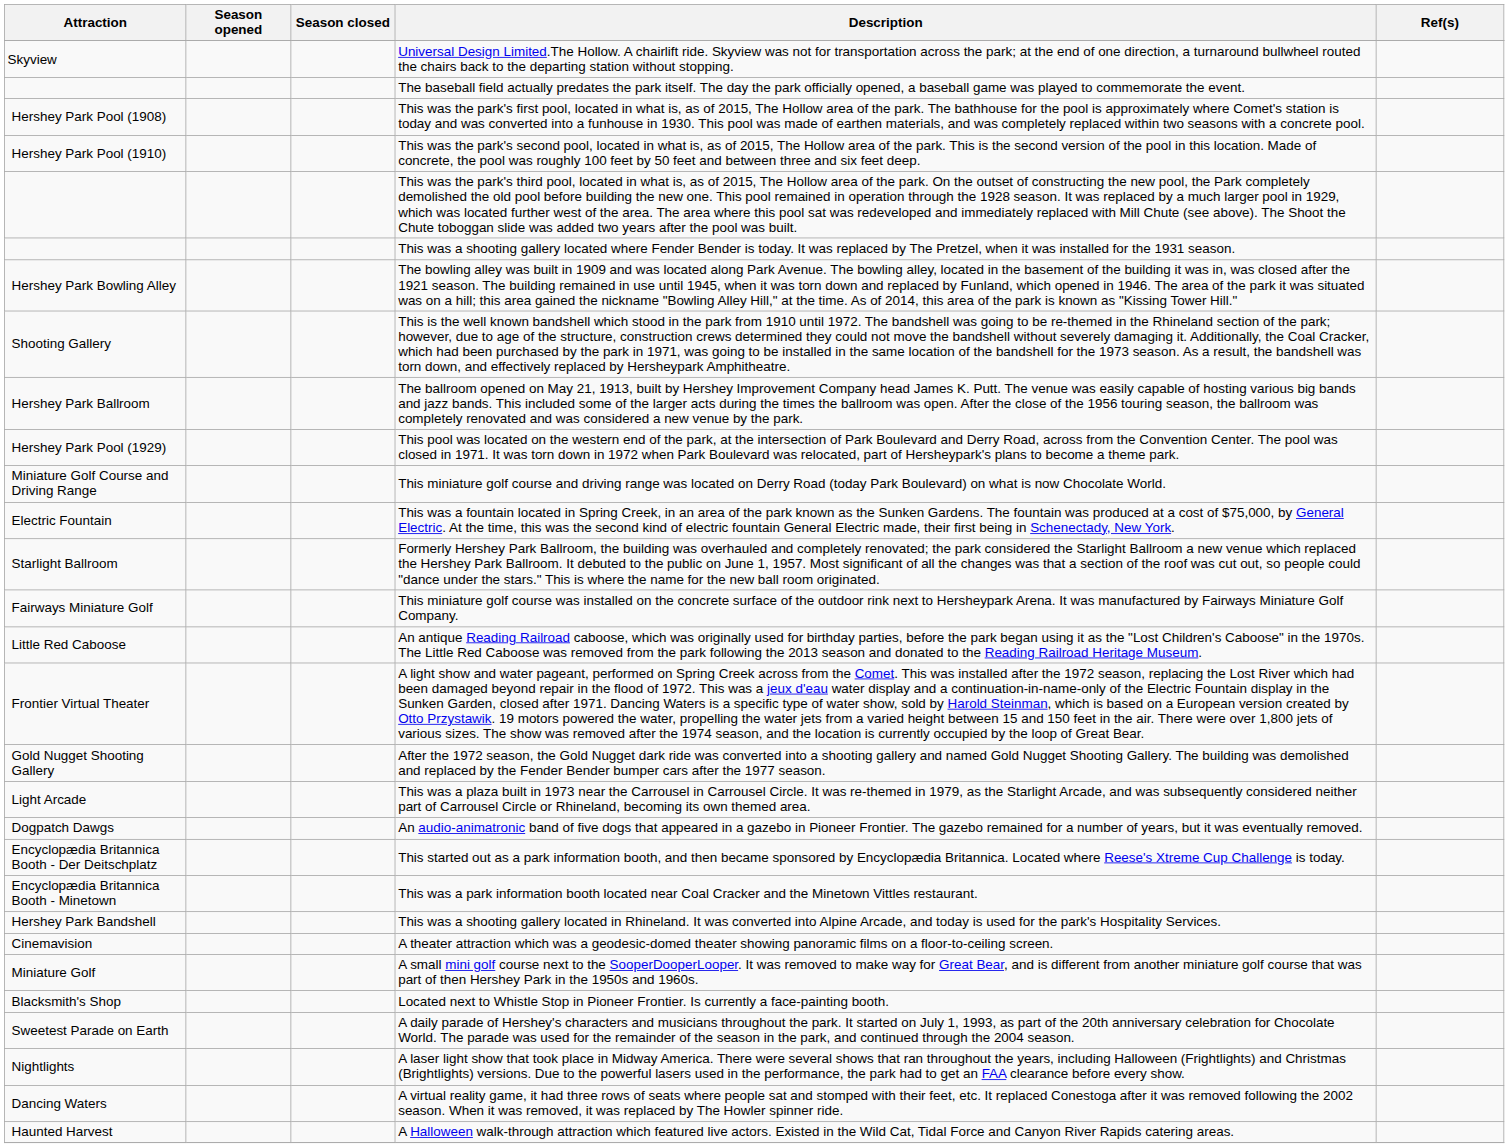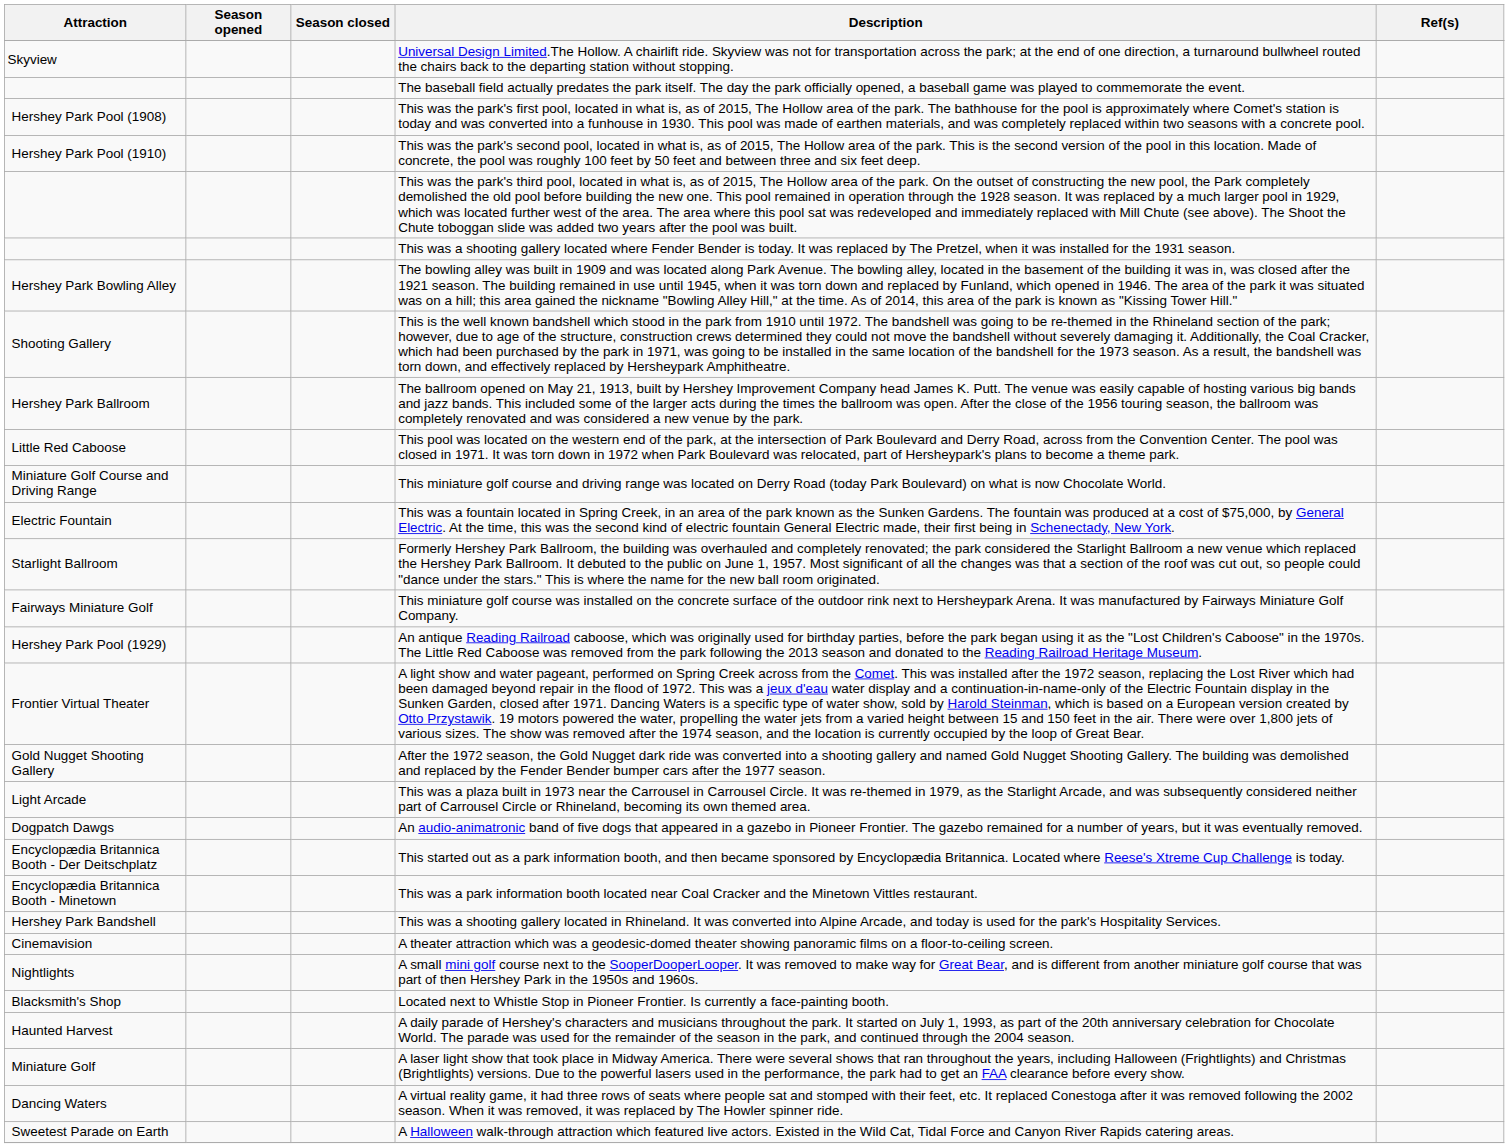 <table class="wikitable sortable" border="1" width=90%>
 <tr>
 <th width=10%>Attraction</th>
 <th width=5.75%>Season opened</th>
 <th width=5.75%>Season closed</th>
 <th width=54% class="unsortable">Description</th>
 <th width=7% class="unsortable">Ref(s)</th>
 </tr>
 <tr>
 </tr>
 <tr>
 <td>Skyview</td>
 <td></td>
 <td></td>
 <td><a href='#'>Universal Design Limited</a>.The Hollow. A chairlift ride. Skyview was not for transportation across the park; at the end of one direction, a turnaround bullwheel routed the chairs back to the departing station without stopping.</td>
 <td></td>
 </tr>
 <tr>
 <td></td>
 <td></td>
 <td></td>
 <td>The baseball field actually predates the park itself. The day the park officially opened, a baseball game was played to commemorate the event.</td>
 <td></td>
 </tr>
 <tr>
 <td style="padding-left: .5em">Hershey Park Pool (1908)</td>
 <td></td>
 <td></td>
 <td>This was the park's first pool, located in what is, as of 2015, The Hollow area of the park. The bathhouse for the pool is approximately where Comet's station is today and was converted into a funhouse in 1930. This pool was made of earthen materials, and was completely replaced within two seasons with a concrete pool.</td>
 <td></td>
 </tr>
 <tr>
 <td style="padding-left: .5em">Hershey Park Pool (1910)</td>
 <td></td>
 <td></td>
 <td>This was the park's second pool, located in what is, as of 2015, The Hollow area of the park. This is the second version of the pool in this location. Made of concrete, the pool was roughly 100 feet by 50 feet and between three and six feet deep.</td>
 <td></td>
 </tr>
 <tr>
 <td style="padding-left: .5em"></td>
 <td></td>
 <td></td>
 <td>This was the park's third pool, located in what is, as of 2015, The Hollow area of the park. On the outset of constructing the new pool, the Park completely demolished the old pool before building the new one. This pool remained in operation through the 1928 season. It was replaced by a much larger pool in 1929, which was located further west of the area. The area where this pool sat was redeveloped and immediately replaced with Mill Chute (see above). The Shoot the Chute toboggan slide was added two years after the pool was built.</td>
 <td></td>
 </tr>
 <tr>
 <td style="padding-left: .5em"></td>
 <td></td>
 <td></td>
 <td>This was a shooting gallery located where Fender Bender is today. It was replaced by The Pretzel, when it was installed for the 1931 season.</td>
 <td></td>
 </tr>
 <tr>
 <td style="padding-left: .5em">Hershey Park Bowling Alley</td>
 <td></td>
 <td></td>
 <td>The bowling alley was built in 1909 and was located along Park Avenue. The bowling alley, located in the basement of the building it was in, was closed after the 1921 season. The building remained in use until 1945, when it was torn down and replaced by Funland, which opened in 1946. The area of the park it was situated was on a hill; this area gained the nickname "Bowling Alley Hill," at the time. As of 2014, this area of the park is known as "Kissing Tower Hill."</td>
 <td></td>
 </tr>
 <tr>
 <td style="padding-left: .5em">Shooting Gallery</td>
 <td></td>
 <td></td>
 <td>This is the well known bandshell which stood in the park from 1910 until 1972. The bandshell was going to be re-themed in the Rhineland section of the park; however, due to age of the structure, construction crews determined they could not move the bandshell without severely damaging it. Additionally, the Coal Cracker, which had been purchased by the park in 1971, was going to be installed in the same location of the bandshell for the 1973 season. As a result, the bandshell was torn down, and effectively replaced by Hersheypark Amphitheatre.</td>
 <td></td>
 </tr>
 <tr>
 <td style="padding-left: .5em">Hershey Park Ballroom</td>
 <td></td>
 <td></td>
 <td>The ballroom opened on May 21, 1913, built by Hershey Improvement Company head James K. Putt. The venue was easily capable of hosting various big bands and jazz bands. This included some of the larger acts during the times the ballroom was open. After the close of the 1956 touring season, the ballroom was completely renovated and was considered a new venue by the park.</td>
 <td></td>
 </tr>
 <tr>
-<td style="padding-left: .5em">Hershey Park Pool (1929)</td>
+<td style="padding-left: .5em">Little Red Caboose</td>
 <td></td>
 <td></td>
 <td>This pool was located on the western end of the park, at the intersection of Park Boulevard and Derry Road, across from the Convention Center. The pool was closed in 1971. It was torn down in 1972 when Park Boulevard was relocated, part of Hersheypark's plans to become a theme park.</td>
 <td></td>
 </tr>
 <tr>
 <td style="padding-left: .5em">Miniature Golf Course and<br>Driving Range</td>
 <td></td>
 <td></td>
 <td>This miniature golf course and driving range was located on Derry Road (today Park Boulevard) on what is now Chocolate World.</td>
 <td></td>
 </tr>
 <tr>
 <td style="padding-left: .5em">Electric Fountain</td>
 <td></td>
 <td></td>
 <td>This was a fountain located in Spring Creek, in an area of the park known as the Sunken Gardens. The fountain was produced at a cost of $75,000, by <a href='#'>General Electric</a>. At the time, this was the second kind of electric fountain General Electric made, their first being in <a href='#'>Schenectady, New York</a>.</td>
 <td></td>
 </tr>
 <tr>
 <td style="padding-left: .5em">Starlight Ballroom</td>
 <td></td>
 <td></td>
 <td>Formerly Hershey Park Ballroom, the building was overhauled and completely renovated; the park considered the Starlight Ballroom a new venue which replaced the Hershey Park Ballroom. It debuted to the public on June 1, 1957. Most significant of all the changes was that a section of the roof was cut out, so people could "dance under the stars." This is where the name for the new ball room originated.</td>
 <td></td>
 </tr>
 <tr>
 <td style="padding-left: .5em">Fairways Miniature Golf</td>
 <td></td>
 <td></td>
 <td>This miniature golf course was installed on the concrete surface of the outdoor rink next to Hersheypark Arena. It was manufactured by Fairways Miniature Golf Company.</td>
 <td></td>
 </tr>
 <tr>
-<td style="padding-left: .5em">Little Red Caboose</td>
+<td style="padding-left: .5em">Hershey Park Pool (1929)</td>
 <td></td>
 <td></td>
 <td>An antique <a href='#'>Reading Railroad</a> caboose, which was originally used for birthday parties, before the park began using it as the "Lost Children's Caboose" in the 1970s. The Little Red Caboose was removed from the park following the 2013 season and donated to the <a href='#'>Reading Railroad Heritage Museum</a>.</td>
 <td></td>
 </tr>
 <tr>
 <td style="padding-left: .5em">Frontier Virtual Theater</td>
 <td></td>
 <td></td>
 <td>A light show and water pageant, performed on Spring Creek across from the <a href='#'>Comet</a>. This was installed after the 1972 season, replacing the Lost River which had been damaged beyond repair in the flood of 1972. This was a <a href='#'>jeux d'eau</a> water display and a continuation-in-name-only of the Electric Fountain display in the Sunken Garden, closed after 1971. Dancing Waters is a specific type of water show, sold by <a href='#'>Harold Steinman</a>, which is based on a European version created by <a href='#'>Otto Przystawik</a>. 19 motors powered the water, propelling the water jets from a varied height between 15 and 150 feet in the air. There were over 1,800 jets of various sizes. The show was removed after the 1974 season, and the location is currently occupied by the loop of Great Bear.</td>
 <td></td>
 </tr>
 <tr>
 <td style="padding-left: .5em">Gold Nugget Shooting Gallery</td>
 <td></td>
 <td></td>
 <td>After the 1972 season, the Gold Nugget dark ride was converted into a shooting gallery and named Gold Nugget Shooting Gallery. The building was demolished and replaced by the Fender Bender bumper cars after the 1977 season.</td>
 <td></td>
 </tr>
 <tr>
 <td style="padding-left: .5em">Light Arcade</td>
 <td></td>
 <td></td>
 <td>This was a plaza built in 1973 near the Carrousel in Carrousel Circle. It was re-themed in 1979, as the Starlight Arcade, and was subsequently considered neither part of Carrousel Circle or Rhineland, becoming its own themed area.</td>
 <td></td>
 </tr>
 <tr>
 <td style="padding-left: .5em">Dogpatch Dawgs</td>
 <td></td>
 <td></td>
 <td>An <a href='#'>audio-animatronic</a> band of five dogs that appeared in a gazebo in Pioneer Frontier. The gazebo remained for a number of years, but it was eventually removed.</td>
 <td></td>
 </tr>
 <tr>
 <td style="padding-left: .5em">Encyclopædia Britannica Booth - Der Deitschplatz</td>
 <td></td>
 <td></td>
 <td>This started out as a park information booth, and then became sponsored by Encyclopædia Britannica. Located where <a href='#'>Reese's Xtreme Cup Challenge</a> is today.</td>
 <td></td>
 </tr>
 <tr>
 <td style="padding-left: .5em">Encyclopædia Britannica Booth - Minetown</td>
 <td></td>
 <td></td>
 <td>This was a park information booth located near Coal Cracker and the Minetown Vittles restaurant.</td>
 <td></td>
 </tr>
 <tr>
 <td style="padding-left: .5em">Hershey Park Bandshell</td>
 <td></td>
 <td></td>
 <td>This was a shooting gallery located in Rhineland. It was converted into Alpine Arcade, and today is used for the park's Hospitality Services.</td>
 <td></td>
 </tr>
 <tr>
 <td style="padding-left: .5em">Cinemavision</td>
 <td></td>
 <td></td>
 <td>A theater attraction which was a geodesic-domed theater showing panoramic films on a floor-to-ceiling screen.</td>
 <td></td>
 </tr>
 <tr>
-<td style="padding-left: .5em">Miniature Golf</td>
+<td style="padding-left: .5em">Nightlights</td>
 <td></td>
 <td></td>
 <td>A small <a href='#'>mini golf</a> course next to the <a href='#'>SooperDooperLooper</a>. It was removed to make way for <a href='#'>Great Bear</a>, and is different from another miniature golf course that was part of then Hershey Park in the 1950s and 1960s.</td>
 <td></td>
 </tr>
 <tr>
 <td style="padding-left: .5em">Blacksmith's Shop</td>
 <td></td>
 <td></td>
 <td>Located next to Whistle Stop in Pioneer Frontier. Is currently a face-painting booth.</td>
 <td></td>
 </tr>
 <tr>
-<td style="padding-left: .5em">Sweetest Parade on Earth</td>
+<td style="padding-left: .5em">Haunted Harvest</td>
 <td></td>
 <td></td>
 <td>A daily parade of Hershey's characters and musicians throughout the park. It started on July 1, 1993, as part of the 20th anniversary celebration for Chocolate World. The parade was used for the remainder of the season in the park, and continued through the 2004 season.</td>
 <td></td>
 </tr>
 <tr>
-<td style="padding-left: .5em">Nightlights</td>
+<td style="padding-left: .5em">Miniature Golf</td>
 <td></td>
 <td></td>
 <td>A laser light show that took place in Midway America. There were several shows that ran throughout the years, including Halloween (Frightlights) and Christmas (Brightlights) versions. Due to the powerful lasers used in the performance, the park had to get an <a href='#'>FAA</a> clearance before every show.</td>
 <td></td>
 </tr>
 <tr>
 <td style="padding-left: .5em">Dancing Waters</td>
 <td></td>
 <td></td>
 <td>A virtual reality game, it had three rows of seats where people sat and stomped with their feet, etc. It replaced Conestoga after it was removed following the 2002 season. When it was removed, it was replaced by The Howler spinner ride.</td>
 <td></td>
 </tr>
 <tr>
-<td style="padding-left: .5em">Haunted Harvest</td>
+<td style="padding-left: .5em">Sweetest Parade on Earth</td>
 <td></td>
 <td></td>
 <td>A <a href='#'>Halloween</a> walk-through attraction which featured live actors. Existed in the Wild Cat, Tidal Force and Canyon River Rapids catering areas.</td>
 <td></td>
 </tr>
 <tr>
 </tr>
 </table>
